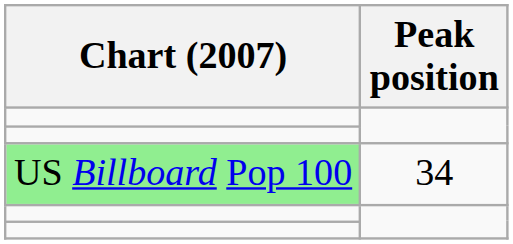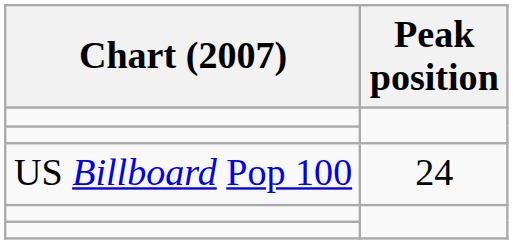 <table class="wikitable sortable">
 <tr>
 <th align="left">Chart (2007)</th>
 <th align="center">Peak<br>position</th>
 </tr>
 <tr>
 <td></td>
 </tr>
 <tr>
 <td></td>
 </tr>
 <tr>
-<td style="background: lightgreen;">US <em><a href='#'>Billboard</a></em> <a href='#'>Pop 100</a></td>
-<td align="center">34</td>
+<td>US <em><a href='#'>Billboard</a></em> <a href='#'>Pop 100</a></td>
+<td align="center">24</td>
 </tr>
 <tr>
 <td></td>
 </tr>
 <tr>
 <td></td>
 </tr>
 </table>
